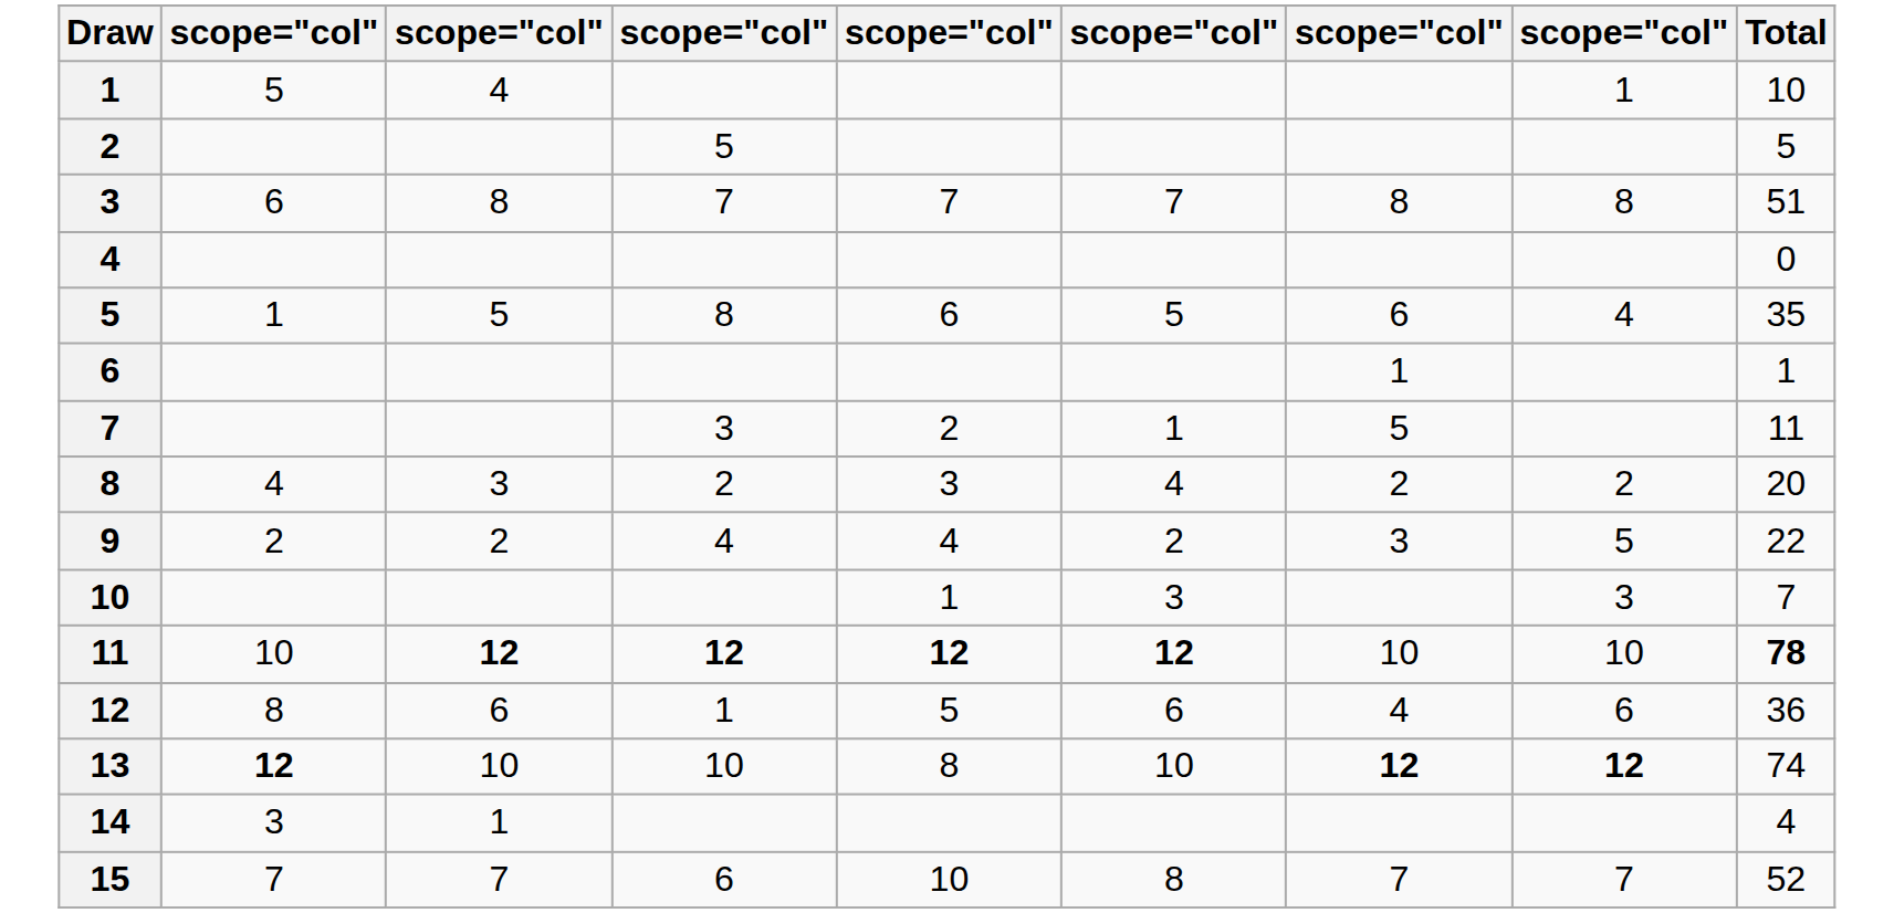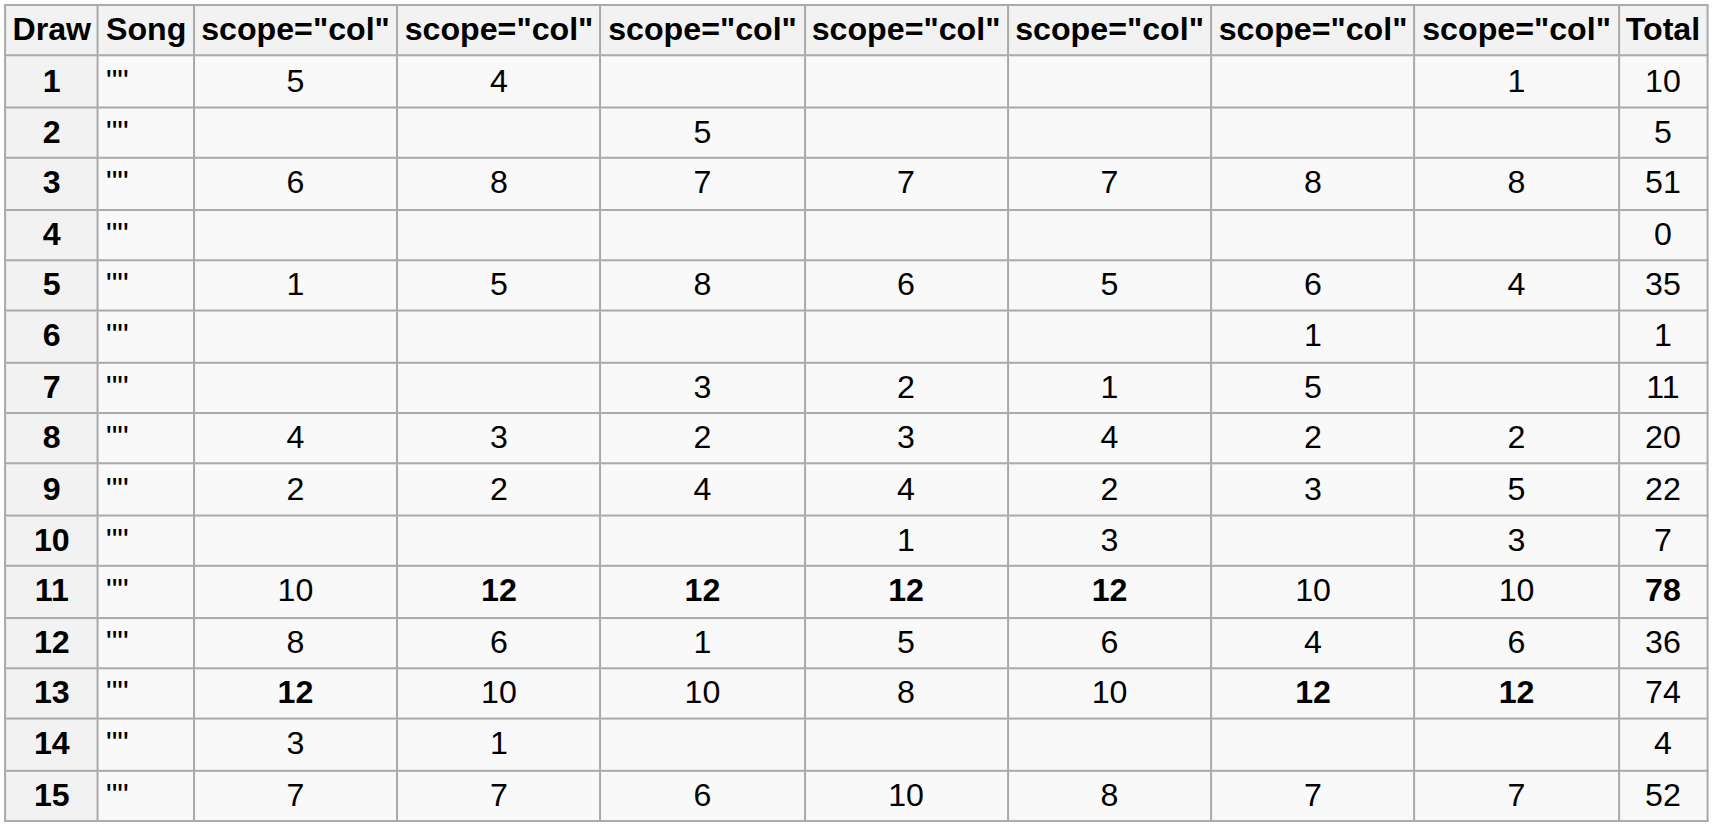 <table class="wikitable plainrowheaders" style="margin: 1em auto 1em auto; text-align:center;">
 <tr>
 <th scope="col">Draw</th>
+<th scope="col">Song</th>
 <th>scope="col" </th>
 <th>scope="col" </th>
 <th>scope="col" </th>
 <th>scope="col" </th>
 <th>scope="col" </th>
 <th>scope="col" </th>
 <th>scope="col" </th>
 <th scope="col">Total</th>
 </tr>
 <tr>
 <th scope="row" style="text-align:center">1</th>
+<td align="left">""</td>
 <td>5</td>
 <td>4</td>
 <td></td>
 <td></td>
 <td></td>
 <td></td>
 <td>1</td>
 <td>10</td>
 </tr>
 <tr>
 <th scope="row" style="text-align:center">2</th>
+<td align="left">""</td>
 <td></td>
 <td></td>
 <td>5</td>
 <td></td>
 <td></td>
 <td></td>
 <td></td>
 <td>5</td>
 </tr>
 <tr>
 <th scope="row" style="text-align:center">3</th>
+<td align="left">""</td>
 <td>6</td>
 <td>8</td>
 <td>7</td>
 <td>7</td>
 <td>7</td>
 <td>8</td>
 <td>8</td>
 <td>51</td>
 </tr>
 <tr>
 <th scope="row" style="text-align:center">4</th>
+<td align="left">""</td>
 <td></td>
 <td></td>
 <td></td>
 <td></td>
 <td></td>
 <td></td>
 <td></td>
 <td>0</td>
 </tr>
 <tr>
 <th scope="row" style="text-align:center">5</th>
+<td align="left">""</td>
 <td>1</td>
 <td>5</td>
 <td>8</td>
 <td>6</td>
 <td>5</td>
 <td>6</td>
 <td>4</td>
 <td>35</td>
 </tr>
 <tr>
 <th scope="row" style="text-align:center">6</th>
+<td align="left">""</td>
 <td></td>
 <td></td>
 <td></td>
 <td></td>
 <td></td>
 <td>1</td>
 <td></td>
 <td>1</td>
 </tr>
 <tr>
 <th scope="row" style="text-align:center">7</th>
+<td align="left">""</td>
 <td></td>
 <td></td>
 <td>3</td>
 <td>2</td>
 <td>1</td>
 <td>5</td>
 <td></td>
 <td>11</td>
 </tr>
 <tr>
 <th scope="row" style="text-align:center">8</th>
+<td align="left">""</td>
 <td>4</td>
 <td>3</td>
 <td>2</td>
 <td>3</td>
 <td>4</td>
 <td>2</td>
 <td>2</td>
 <td>20</td>
 </tr>
 <tr>
 <th scope="row" style="text-align:center">9</th>
+<td align="left">""</td>
 <td>2</td>
 <td>2</td>
 <td>4</td>
 <td>4</td>
 <td>2</td>
 <td>3</td>
 <td>5</td>
 <td>22</td>
 </tr>
 <tr>
 <th scope="row" style="text-align:center">10</th>
+<td align="left">""</td>
 <td></td>
 <td></td>
 <td></td>
 <td>1</td>
 <td>3</td>
 <td></td>
 <td>3</td>
 <td>7</td>
 </tr>
 <tr>
 <th scope="row" style="text-align:center">11</th>
+<td align="left">""</td>
 <td>10</td>
 <td><strong>12</strong></td>
 <td><strong>12</strong></td>
 <td><strong>12</strong></td>
 <td><strong>12</strong></td>
 <td>10</td>
 <td>10</td>
 <td><strong>78</strong></td>
 </tr>
 <tr>
 <th scope="row" style="text-align:center">12</th>
+<td align="left">""</td>
 <td>8</td>
 <td>6</td>
 <td>1</td>
 <td>5</td>
 <td>6</td>
 <td>4</td>
 <td>6</td>
 <td>36</td>
 </tr>
 <tr>
 <th scope="row" style="text-align:center">13</th>
+<td align="left">""</td>
 <td><strong>12</strong></td>
 <td>10</td>
 <td>10</td>
 <td>8</td>
 <td>10</td>
 <td><strong>12</strong></td>
 <td><strong>12</strong></td>
 <td>74</td>
 </tr>
 <tr>
 <th scope="row" style="text-align:center">14</th>
+<td align="left">""</td>
 <td>3</td>
 <td>1</td>
 <td></td>
 <td></td>
 <td></td>
 <td></td>
 <td></td>
 <td>4</td>
 </tr>
 <tr>
 <th scope="row" style="text-align:center">15</th>
+<td align="left">""</td>
 <td>7</td>
 <td>7</td>
 <td>6</td>
 <td>10</td>
 <td>8</td>
 <td>7</td>
 <td>7</td>
 <td>52</td>
 </tr>
 </table>
